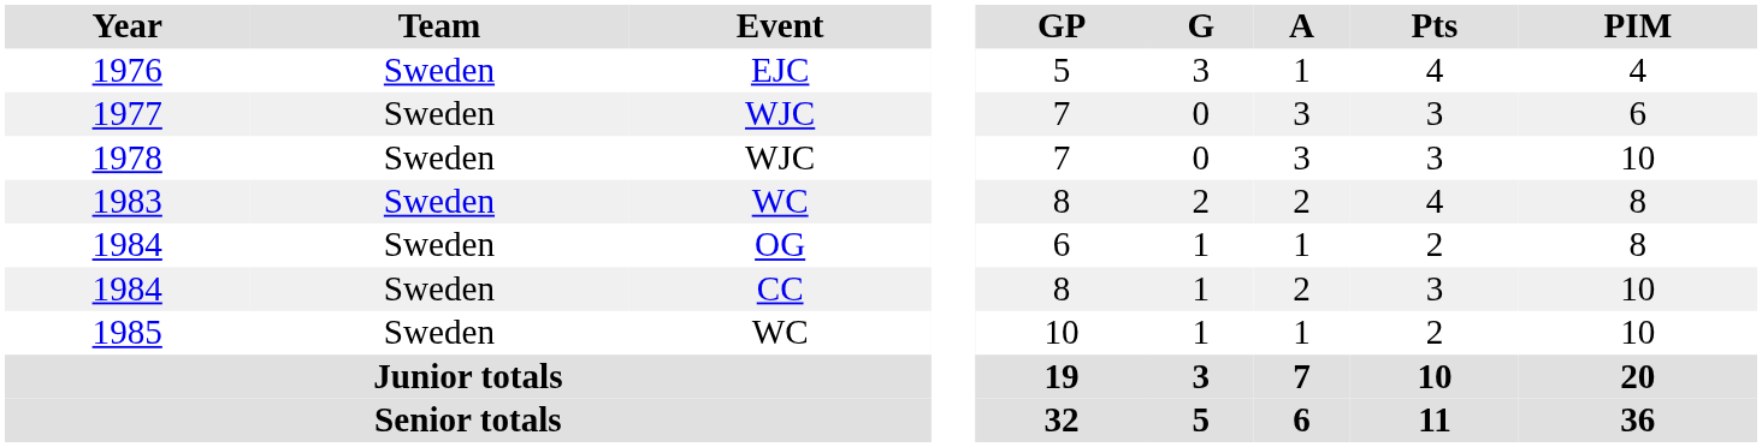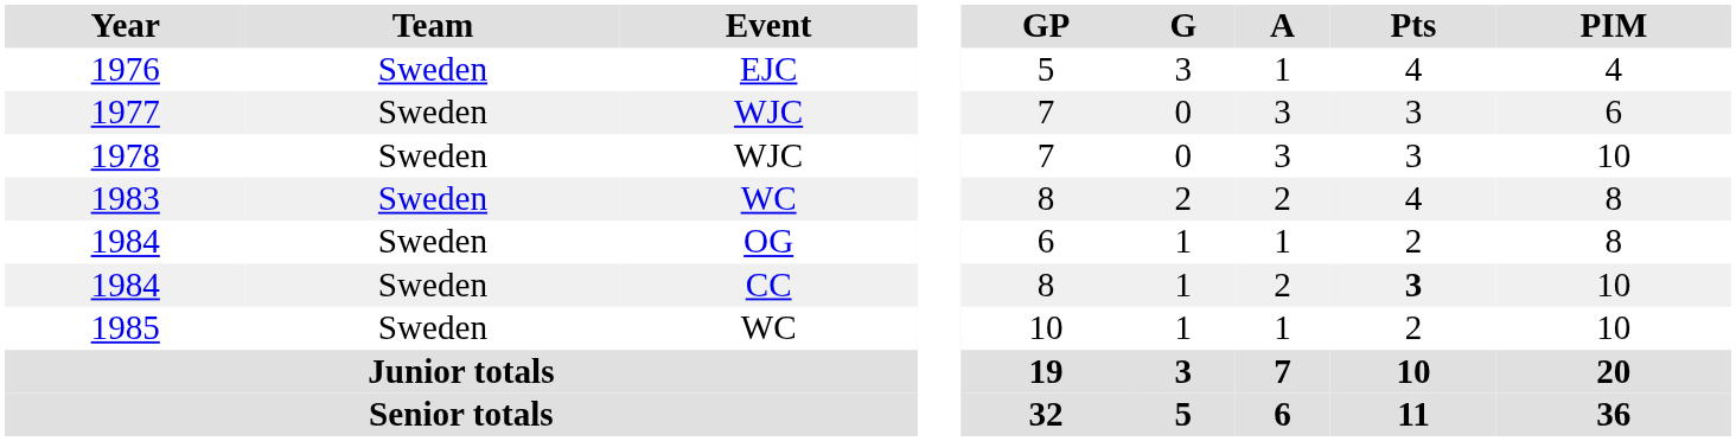 <table border="0" cellpadding="1" cellspacing="0" style="text-align:center; width:50em">
 <tr ALIGN="center" bgcolor="#e0e0e0">
 <th>Year</th>
 <th>Team</th>
 <th>Event</th>
 <th rowspan="99" bgcolor="#ffffff"> </th>
 <th>GP</th>
 <th>G</th>
 <th>A</th>
 <th>Pts</th>
 <th>PIM</th>
 </tr>
 <tr>
 <td><a href='#'>1976</a></td>
 <td><a href='#'>Sweden</a></td>
 <td><a href='#'>EJC</a></td>
 <td>5</td>
 <td>3</td>
 <td>1</td>
 <td>4</td>
 <td>4</td>
 </tr>
 <tr bgcolor="#f0f0f0">
 <td><a href='#'>1977</a></td>
 <td>Sweden</td>
 <td><a href='#'>WJC</a></td>
 <td>7</td>
 <td>0</td>
 <td>3</td>
 <td>3</td>
 <td>6</td>
 </tr>
 <tr>
 <td><a href='#'>1978</a></td>
 <td>Sweden</td>
 <td>WJC</td>
 <td>7</td>
 <td>0</td>
 <td>3</td>
 <td>3</td>
 <td>10</td>
 </tr>
 <tr bgcolor="#f0f0f0">
 <td><a href='#'>1983</a></td>
 <td><a href='#'>Sweden</a></td>
 <td><a href='#'>WC</a></td>
 <td>8</td>
 <td>2</td>
 <td>2</td>
 <td>4</td>
 <td>8</td>
 </tr>
 <tr>
 <td><a href='#'>1984</a></td>
 <td>Sweden</td>
 <td><a href='#'>OG</a></td>
 <td>6</td>
 <td>1</td>
 <td>1</td>
 <td>2</td>
 <td>8</td>
 </tr>
 <tr bgcolor="#f0f0f0">
 <td><a href='#'>1984</a></td>
 <td>Sweden</td>
 <td><a href='#'>CC</a></td>
 <td>8</td>
 <td>1</td>
 <td>2</td>
-<td>3</td>
+<td><strong>3</strong></td>
 <td>10</td>
 </tr>
 <tr>
 <td><a href='#'>1985</a></td>
 <td>Sweden</td>
 <td>WC</td>
 <td>10</td>
 <td>1</td>
 <td>1</td>
 <td>2</td>
 <td>10</td>
 </tr>
 <tr bgcolor="#e0e0e0">
 <th colspan=3>Junior totals</th>
 <th>19</th>
 <th>3</th>
 <th>7</th>
 <th>10</th>
 <th>20</th>
 </tr>
 <tr bgcolor="#e0e0e0">
 <th colspan=3>Senior totals</th>
 <th>32</th>
 <th>5</th>
 <th>6</th>
 <th>11</th>
 <th>36</th>
 </tr>
 </table>
